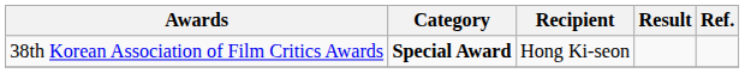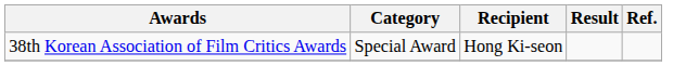 <table class="wikitable">
 <tr>
 <th>Awards</th>
 <th>Category</th>
 <th>Recipient</th>
 <th>Result</th>
 <th>Ref.</th>
 </tr>
 <tr>
 <td rowspan=1>38th <a href='#'>Korean Association of Film Critics Awards</a></td>
-<td><strong>Special Award</strong></td>
+<td>Special Award</td>
 <td>Hong Ki-seon</td>
 <td></td>
 <td rowspan=1></td>
 </tr>
 <tr>
 </tr>
 </table>
